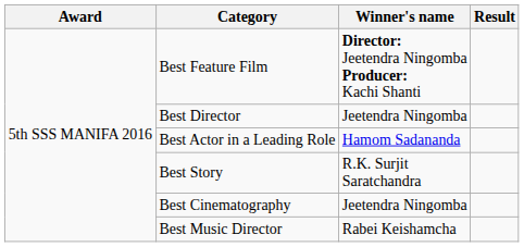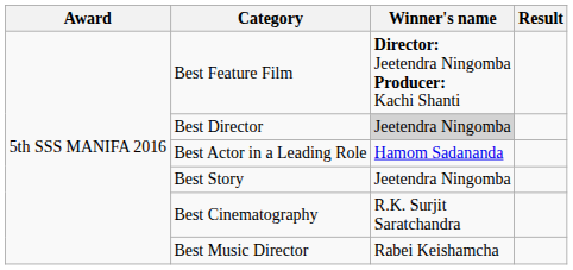 <table class="wikitable sortable">
 <tr>
 <th>Award</th>
 <th>Category</th>
 <th>Winner's name</th>
 <th>Result</th>
 </tr>
 <tr>
 <td rowspan="6">5th SSS MANIFA 2016</td>
 <td>Best Feature Film</td>
 <td><strong>Director:</strong><br>Jeetendra Ningomba<br><strong>Producer:</strong><br>Kachi Shanti</td>
 <td></td>
 </tr>
 <tr>
 <td>Best Director</td>
-<td>Jeetendra Ningomba</td>
+<td style="background: lightgrey;">Jeetendra Ningomba</td>
 <td></td>
 </tr>
 <tr>
 <td>Best Actor in a Leading Role</td>
 <td><a href='#'>Hamom Sadananda</a></td>
 <td></td>
 </tr>
 <tr>
 <td>Best Story</td>
-<td>R.K. Surjit<br>Saratchandra</td>
+<td>Jeetendra Ningomba</td>
 <td></td>
 </tr>
 <tr>
 <td>Best Cinematography</td>
-<td>Jeetendra Ningomba</td>
+<td>R.K. Surjit<br>Saratchandra</td>
 <td></td>
 </tr>
 <tr>
 <td>Best Music Director</td>
 <td>Rabei Keishamcha</td>
 <td></td>
 </tr>
 </table>
